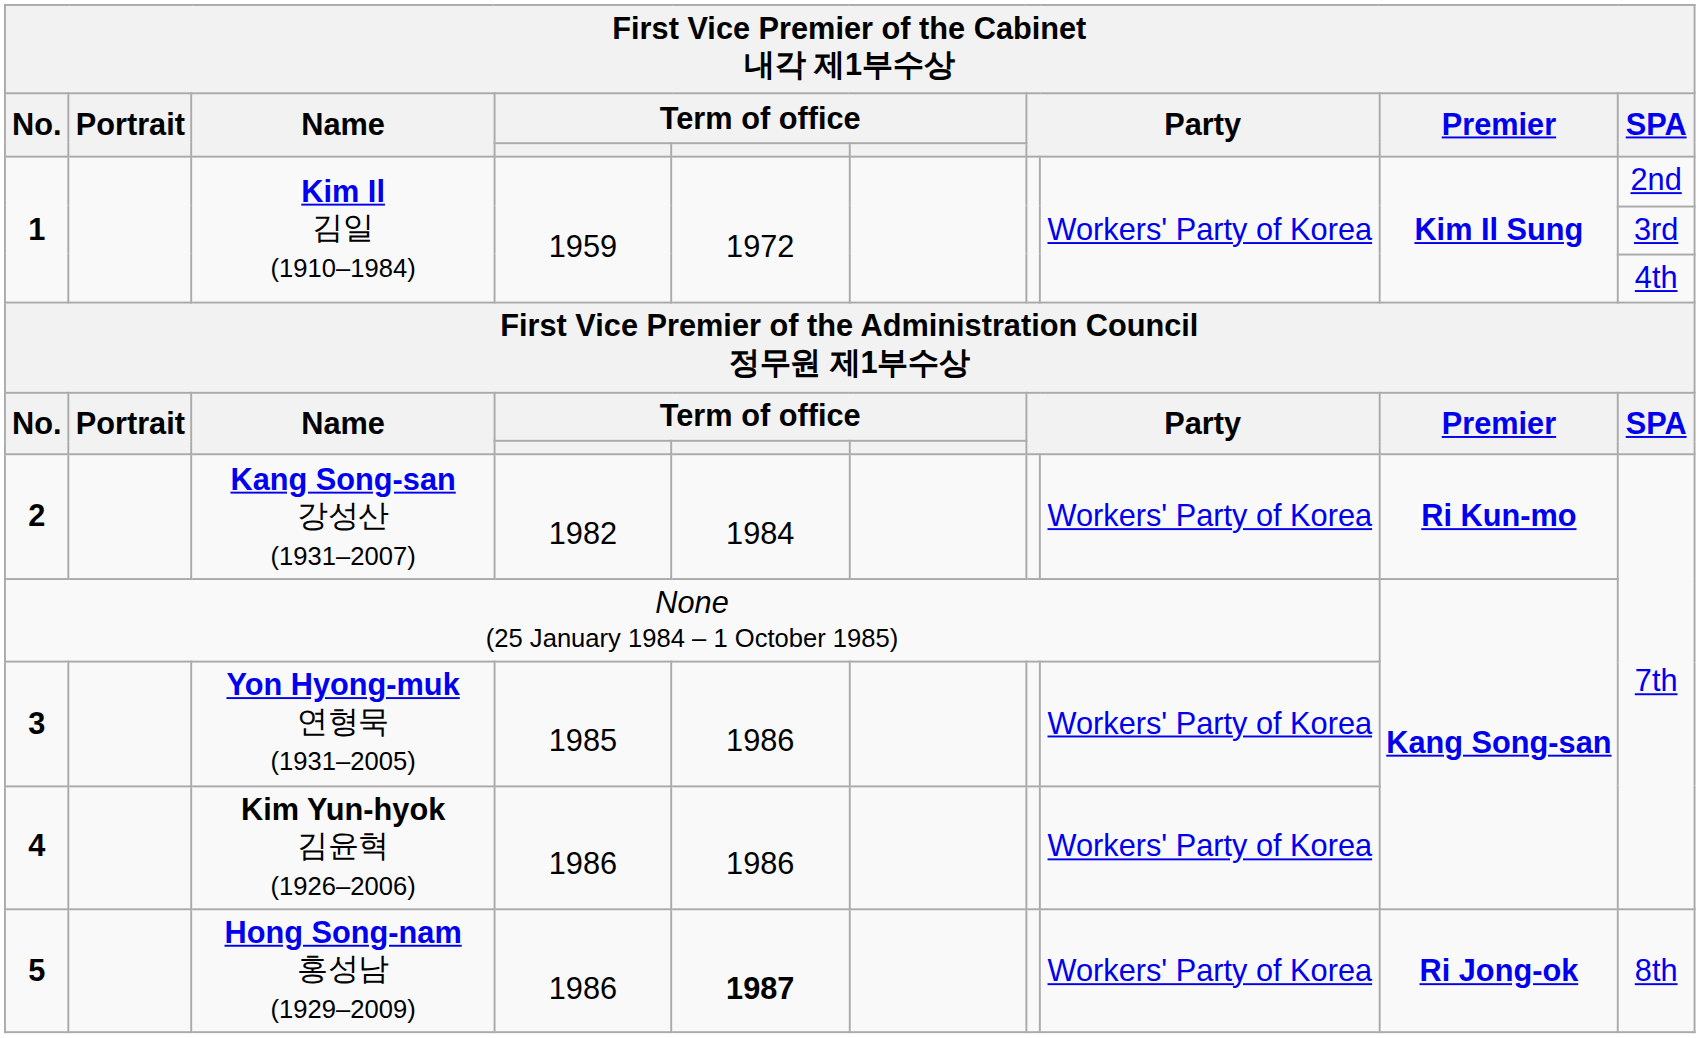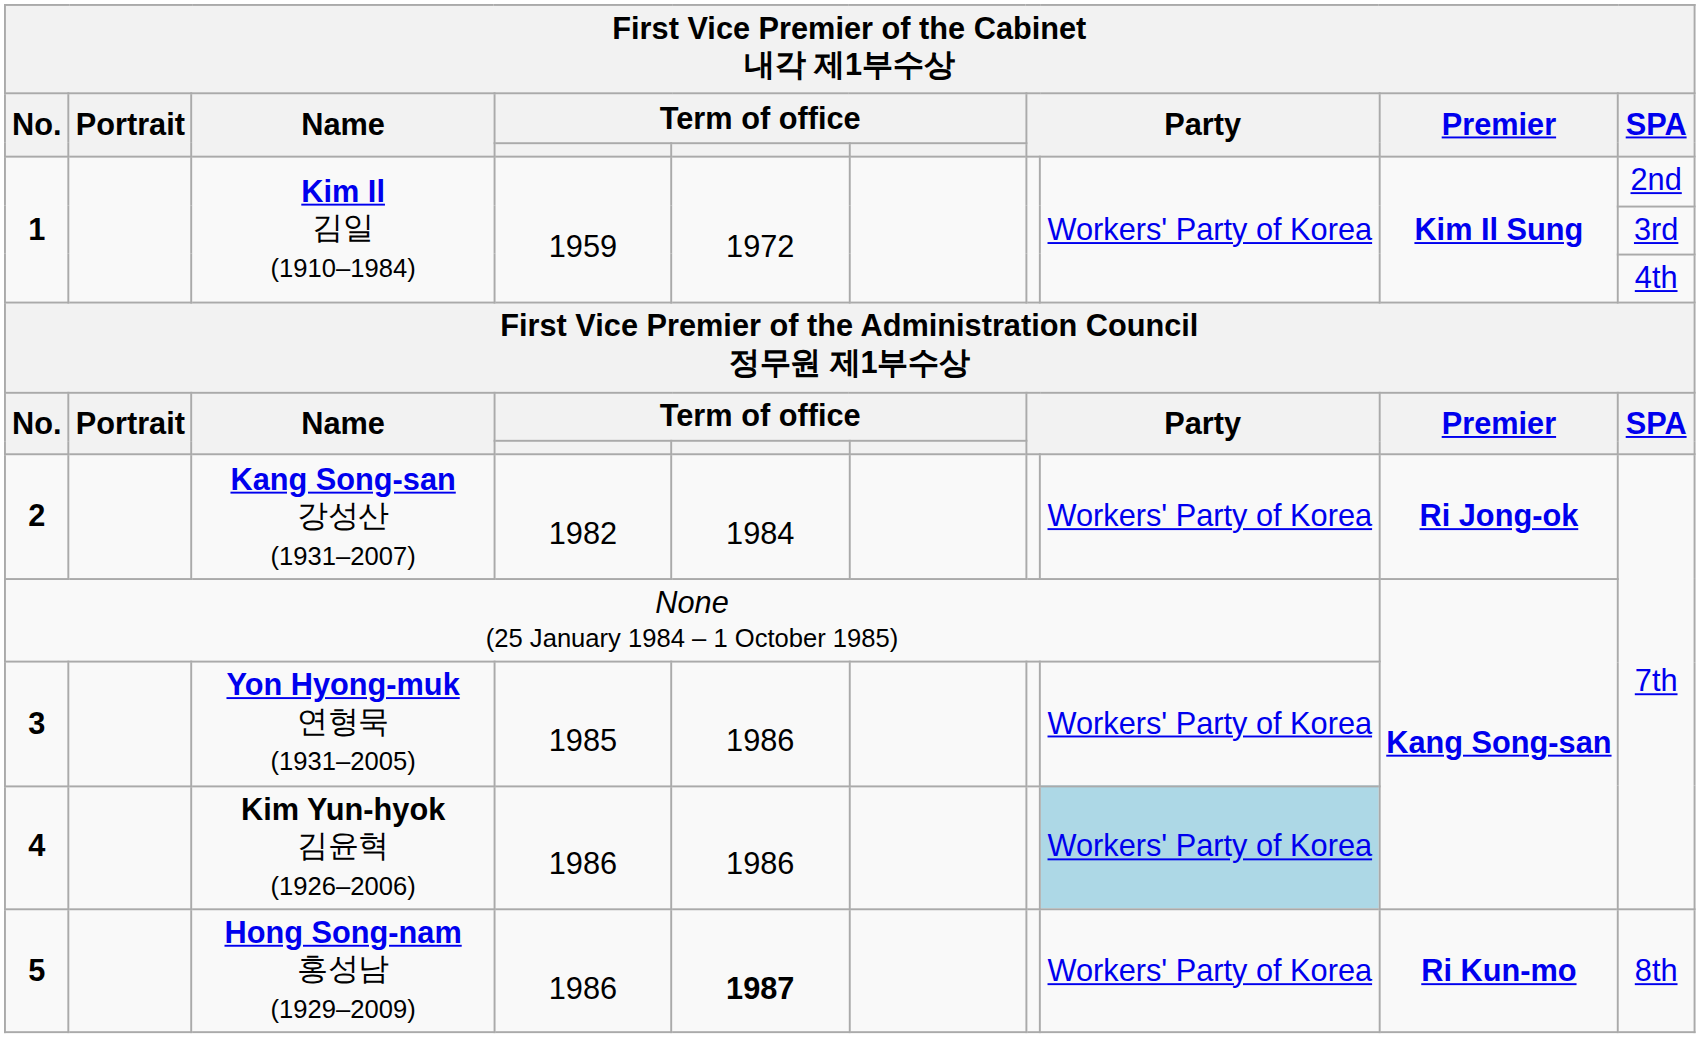 <table class="wikitable" style="text-align:center;">
 <tr>
 <th colspan="10"><strong>First Vice Premier of the Cabinet</strong><br><strong>내각 제1부수상</strong></th>
 </tr>
 <tr>
 <th rowspan="2">No.</th>
 <th rowspan="2">Portrait</th>
 <th rowspan="2" width="150">Name<br></th>
 <th colspan="3">Term of office</th>
 <th colspan="2" rowspan="2">Party</th>
 <th rowspan="2"><a href='#'>Premier</a></th>
 <th rowspan="2"><a href='#'>SPA</a></th>
 </tr>
 <tr>
 <th width="85"></th>
 <th width="85"></th>
 <th width="85"></th>
 </tr>
 <tr>
 <td rowspan="3"><strong>1</strong></td>
 <td rowspan="3"></td>
 <td rowspan="3"><a href='#'><strong>Kim Il</strong></a><br>김일<br><small>(1910–1984)</small></td>
 <td rowspan="3"><br>1959</td>
 <td rowspan="3"><br>1972</td>
 <td rowspan="3"></td>
 <td rowspan="3"></td>
 <td rowspan="3"><a href='#'>Workers' Party of Korea</a></td>
 <td rowspan="3"><strong><a href='#'>Kim Il Sung</a></strong></td>
 <td><a href='#'>2nd</a></td>
 </tr>
 <tr>
 <td><a href='#'>3rd</a></td>
 </tr>
 <tr>
 <td><a href='#'>4th</a></td>
 </tr>
 <tr>
 <th colspan="10"><strong>First Vice Premier of the Administration Council</strong><br><strong>정무원 제1부수상</strong></th>
 </tr>
 <tr>
 <th rowspan="2">No.</th>
 <th rowspan="2">Portrait</th>
 <th rowspan="2">Name<br></th>
 <th colspan="3">Term of office</th>
 <th colspan="2" rowspan="2">Party</th>
 <th rowspan="2"><a href='#'>Premier</a></th>
 <th rowspan="2"><a href='#'>SPA</a></th>
 </tr>
 <tr>
 <th></th>
 <th></th>
 <th></th>
 </tr>
 <tr>
 <td><strong>2</strong></td>
 <td></td>
 <td><strong><a href='#'>Kang Song-san</a></strong><br>강성산<br><small>(1931–2007)</small></td>
 <td><br>1982</td>
 <td><br>1984</td>
 <td></td>
 <td></td>
 <td><a href='#'>Workers' Party of Korea</a></td>
-<td><strong><a href='#'>Ri Kun-mo</a></strong></td>
+<td><strong><a href='#'>Ri Jong-ok</a></strong></td>
 <td rowspan="4"><a href='#'>7th</a></td>
 </tr>
 <tr>
 <td colspan="8"><em>None</em><br><small>(25 January 1984 – 1 October 1985)</small></td>
 <td rowspan="3"><strong><a href='#'>Kang Song-san</a></strong></td>
 </tr>
 <tr>
 <td><strong>3</strong></td>
 <td></td>
 <td><strong><a href='#'>Yon Hyong-muk</a></strong><br>연형묵<br><small>(1931–2005)</small></td>
 <td><br>1985</td>
 <td><br>1986</td>
 <td></td>
 <td></td>
 <td><a href='#'>Workers' Party of Korea</a></td>
 </tr>
 <tr>
 <td><strong>4</strong></td>
 <td></td>
 <td><strong>Kim Yun-hyok</strong><br>김윤혁<br><small>(1926–2006)</small></td>
 <td><br>1986</td>
 <td><br>1986</td>
 <td></td>
 <td></td>
-<td><a href='#'>Workers' Party of Korea</a></td>
+<td style="background: lightblue;"><a href='#'>Workers' Party of Korea</a></td>
 </tr>
 <tr>
 <td><strong>5</strong></td>
 <td></td>
 <td><strong><a href='#'>Hong Song-nam</a></strong><br>홍성남<br><small>(1929–2009)</small></td>
 <td><br>1986</td>
 <td><strong><br>1987</strong></td>
 <td></td>
 <td></td>
 <td><a href='#'>Workers' Party of Korea</a></td>
-<td><strong><a href='#'>Ri Jong-ok</a></strong></td>
+<td><strong><a href='#'>Ri Kun-mo</a></strong></td>
 <td><a href='#'>8th</a></td>
 </tr>
 </table>
